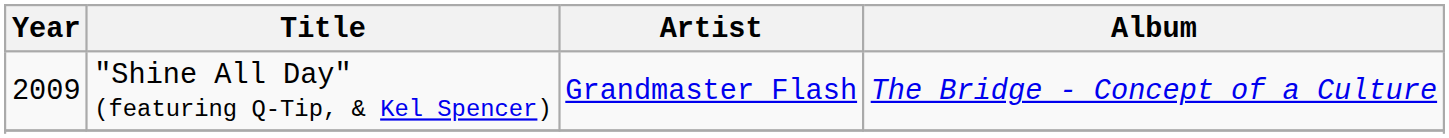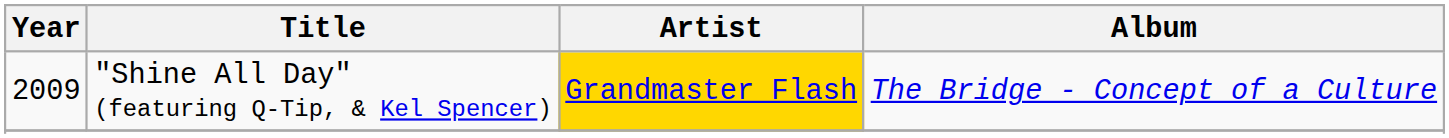 <table class="wikitable">
 <tr>
 <th scope-"col">Year</th>
 <th scope-"col">Title</th>
 <th scope-"col">Artist</th>
 <th scope-"col">Album</th>
 </tr>
 <tr>
 <td>2009</td>
 <td>"Shine All Day"<br><small>(featuring Q-Tip, & <a href='#'>Kel Spencer</a>)</small></td>
-<td><a href='#'>Grandmaster Flash</a></td>
+<td style="background: gold;"><a href='#'>Grandmaster Flash</a></td>
 <td><em><a href='#'>The Bridge - Concept of a Culture</a></em></td>
 </tr>
 <tr>
 </tr>
 <tr>
 </tr>
 </table>
